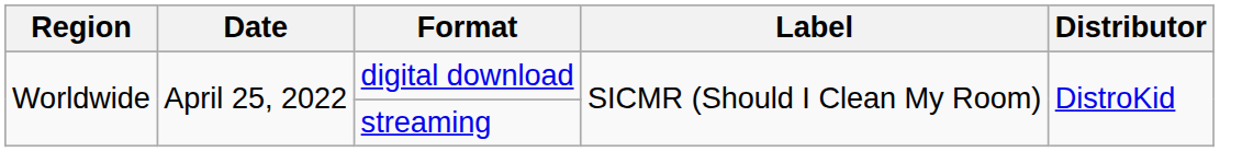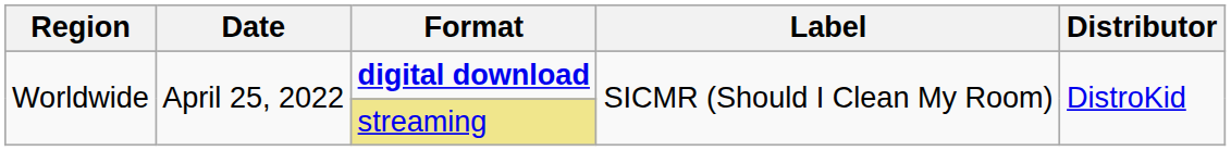 <table class="wikitable">
 <tr>
 <th>Region</th>
 <th>Date</th>
 <th>Format</th>
 <th>Label</th>
 <th>Distributor</th>
 </tr>
 <tr>
 <td rowspan="2">Worldwide</td>
 <td rowspan="2">April 25, 2022</td>
-<td><a href='#'>digital download</a></td>
+<td><strong><a href='#'>digital download</a></strong></td>
 <td rowspan="2">SICMR (Should I Clean My Room)</td>
 <td rowspan="2"><a href='#'>DistroKid</a></td>
 </tr>
 <tr>
-<td><a href='#'>streaming</a></td>
+<td style="background: khaki;"><a href='#'>streaming</a></td>
 </tr>
 </table>
